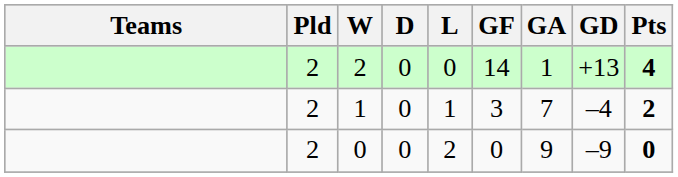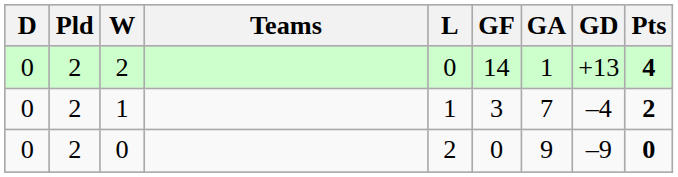 <table class="wikitable" style="text-align: center;">
 <tr>
-<th width=165>Teams</th>
+<th width=20>D</th>
 <th width=20>Pld</th>
 <th width=20>W</th>
-<th width=20>D</th>
+<th width=165>Teams</th>
 <th width=20>L</th>
 <th width=20>GF</th>
 <th width=20>GA</th>
 <th width=20>GD</th>
 <th width=20>Pts</th>
 </tr>
 <tr align=center style="background:#ccffcc;">
-<td style="text-align:left;"></td>
+<td>0</td>
 <td>2</td>
 <td>2</td>
-<td>0</td>
+<td style="text-align:left;"></td>
 <td>0</td>
 <td>14</td>
 <td>1</td>
 <td>+13</td>
 <td><strong>4</strong></td>
 </tr>
 <tr align=center>
-<td style="text-align:left;"></td>
+<td>0</td>
 <td>2</td>
 <td>1</td>
-<td>0</td>
+<td style="text-align:left;"></td>
 <td>1</td>
 <td>3</td>
 <td>7</td>
 <td>–4</td>
 <td><strong>2</strong></td>
 </tr>
 <tr align=center>
-<td style="text-align:left;"></td>
+<td>0</td>
 <td>2</td>
 <td>0</td>
-<td>0</td>
+<td style="text-align:left;"></td>
 <td>2</td>
 <td>0</td>
 <td>9</td>
 <td>–9</td>
 <td><strong>0</strong></td>
 </tr>
 </table>
